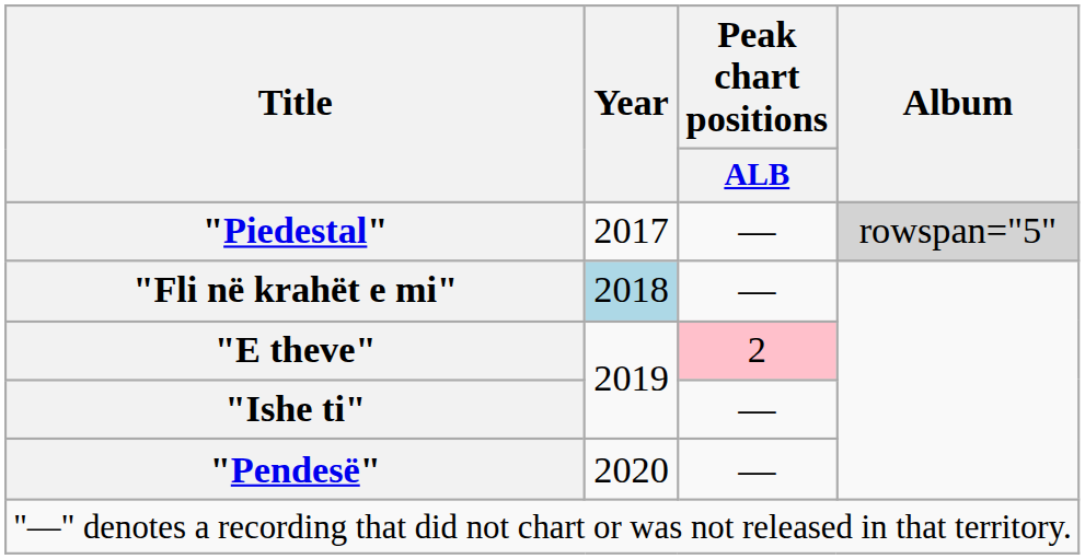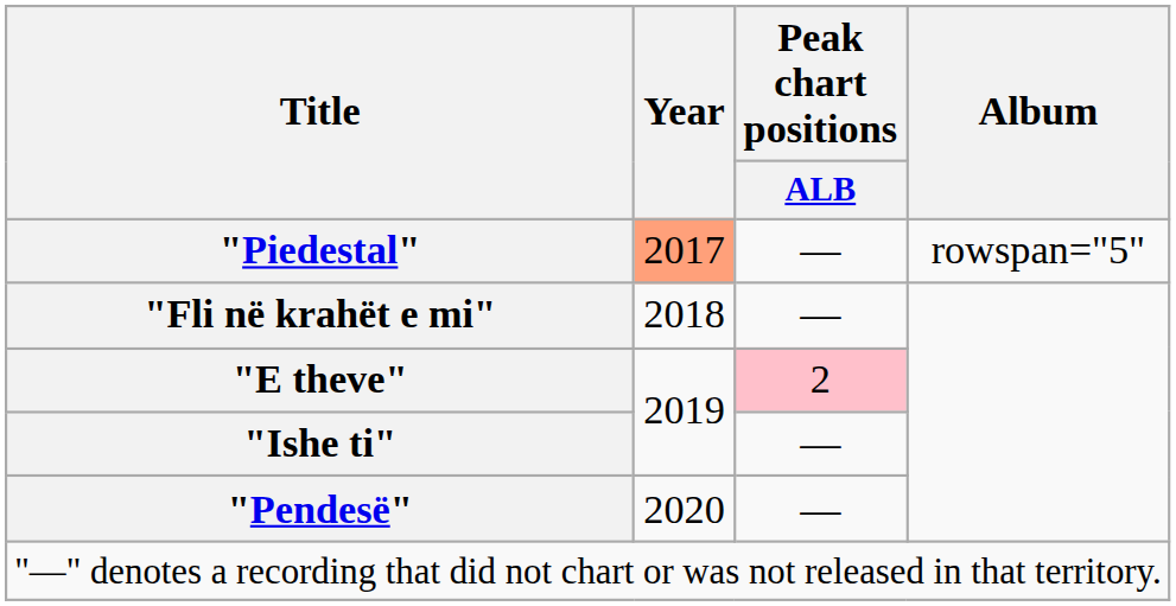 <table class="wikitable plainrowheaders" style="text-align:center;">
 <tr>
 <th scope="col" rowspan="2" style="width:15em;">Title</th>
 <th scope="col" rowspan="2" style="width:2em;">Year</th>
 <th scope="col" colspan="1" style="width:2em;">Peak<br>chart<br>positions</th>
 <th scope="col" rowspan="2">Album</th>
 </tr>
 <tr>
 <th scope="col" style="width:3em;font-size:85%;"><a href='#'>ALB</a><br></th>
 </tr>
 <tr>
 <th scope="row">"<a href='#'>Piedestal</a>"</th>
-<td>2017</td>
+<td style="background: lightsalmon;">2017</td>
 <td>—</td>
-<td style="background: lightgrey;">rowspan="5" </td>
+<td>rowspan="5" </td>
 </tr>
 <tr>
 <th scope="row">"Fli në krahët e mi"<br></th>
-<td style="background: lightblue;">2018</td>
+<td>2018</td>
 <td>—</td>
 </tr>
 <tr>
 <th scope="row">"E theve"</th>
 <td rowspan="2">2019</td>
 <td style="background: pink;">2</td>
 </tr>
 <tr>
 <th scope="row">"Ishe ti"</th>
 <td>—</td>
 </tr>
 <tr>
 <th scope="row">"<a href='#'>Pendesë</a>"</th>
 <td>2020</td>
 <td>—</td>
 </tr>
 <tr>
 <td colspan="11" style="font-size:90%">"—" denotes a recording that did not chart or was not released in that territory.</td>
 </tr>
 </table>
